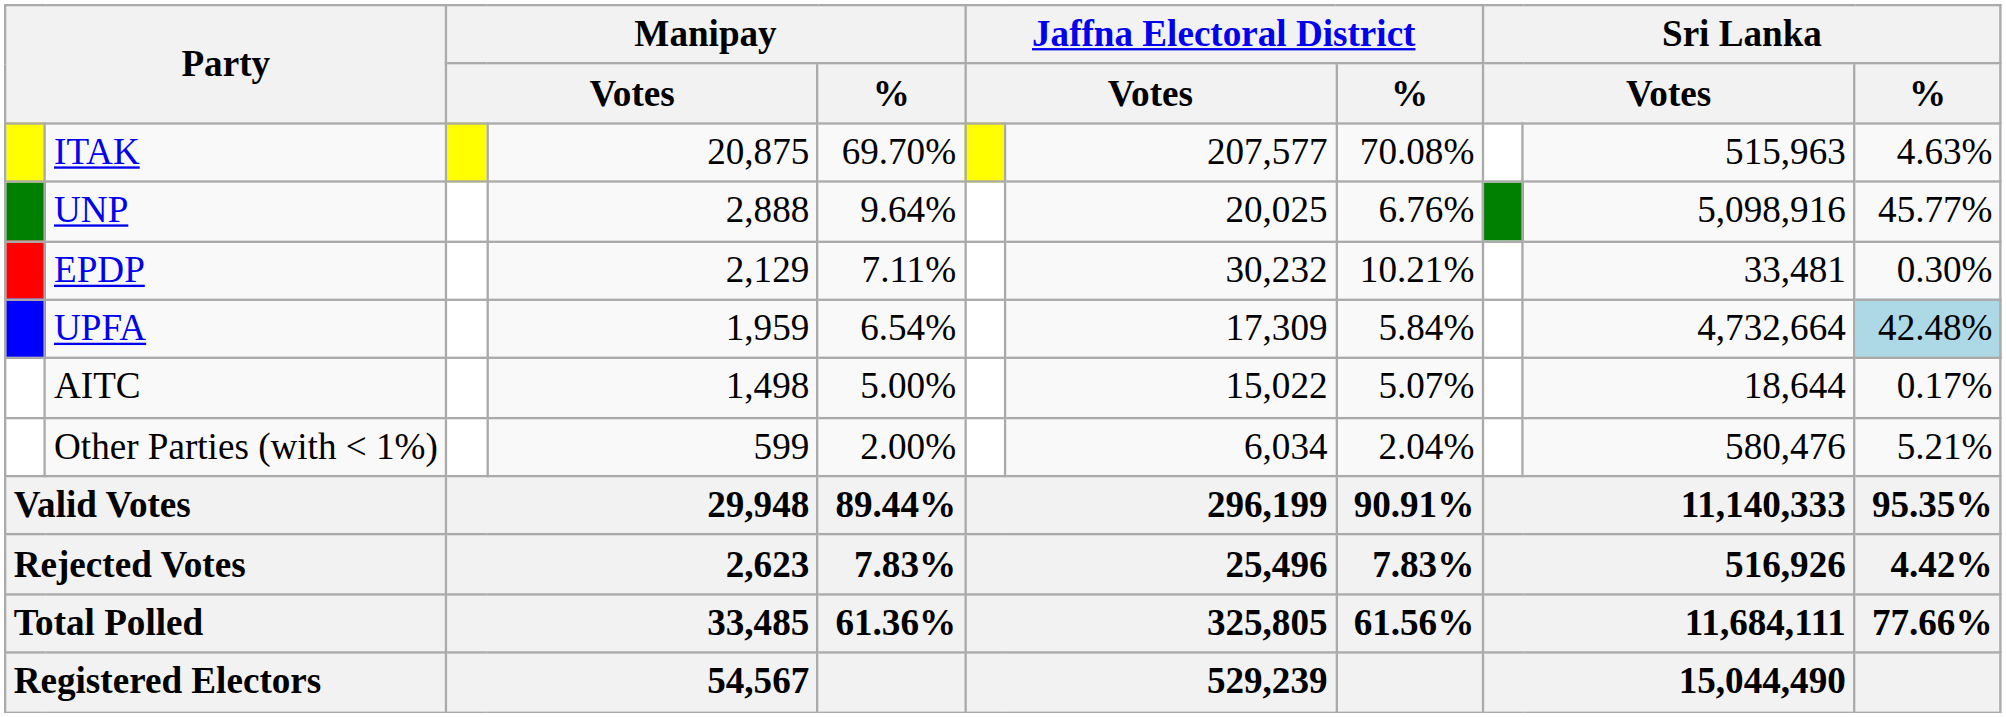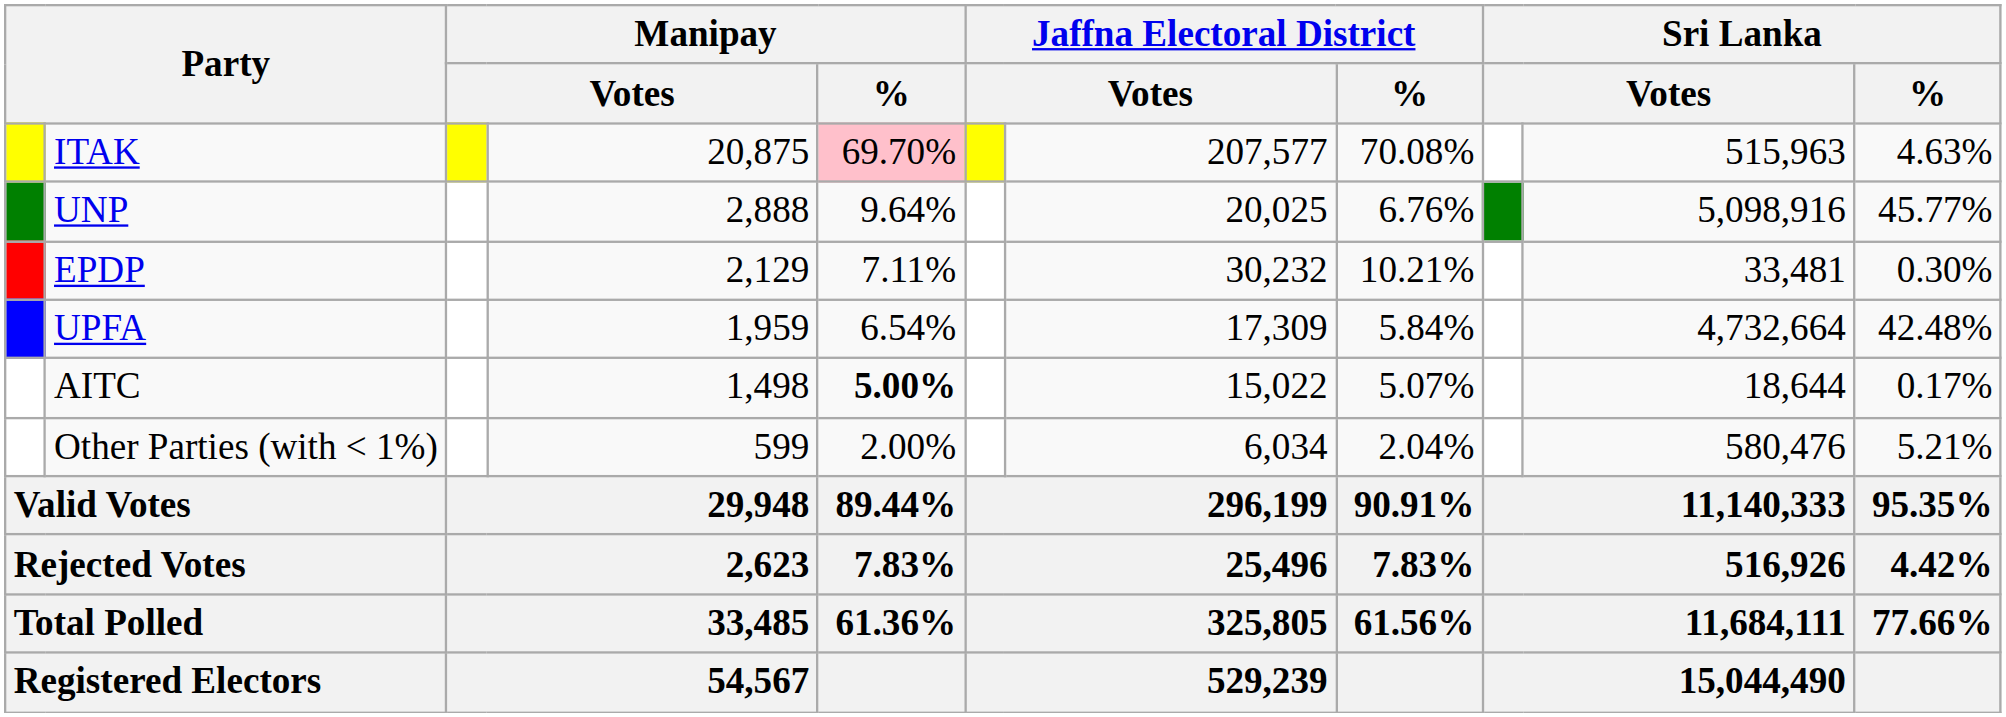 <table class="wikitable">
 <tr>
 <th colspan="2" width="144px"rowspan="2">Party</th>
 <th colspan="3" width="216px">Manipay</th>
 <th colspan="3" width="216px"><a href='#'>Jaffna Electoral District</a></th>
 <th colspan="3" width="216px">Sri Lanka</th>
 </tr>
 <tr>
 <th colspan="2" width="144px">Votes</th>
 <th>%</th>
 <th colspan="2" width="144px">Votes</th>
 <th>%</th>
 <th colspan="2" width="144px">Votes</th>
 <th>%</th>
 </tr>
 <tr>
 <td style="background-color:yellow;" width="10px"></td>
 <td style="text-align:left;"><a href='#'>ITAK</a></td>
 <td style="background-color:yellow;" width="10px"></td>
 <td style="text-align:right;">20,875</td>
-<td style="text-align:right;">69.70%</td>
+<td style="background: pink; text-align:right;">69.70%</td>
 <td style="background-color:yellow;" width="10px"></td>
 <td style="text-align:right;">207,577</td>
 <td style="text-align:right;">70.08%</td>
 <td style="background-color:white;" width="10px"></td>
 <td style="text-align:right;">515,963</td>
 <td style="text-align:right;">4.63%</td>
 </tr>
 <tr>
 <td style="background-color:green;" width="10px"></td>
 <td style="text-align:left;"><a href='#'>UNP</a></td>
 <td style="background-color:white;" width="10px"></td>
 <td style="text-align:right;">2,888</td>
 <td style="text-align:right;">9.64%</td>
 <td style="background-color:white;" width="10px"></td>
 <td style="text-align:right;">20,025</td>
 <td style="text-align:right;">6.76%</td>
 <td style="background-color:green;" width="10px"></td>
 <td style="text-align:right;">5,098,916</td>
 <td style="text-align:right;">45.77%</td>
 </tr>
 <tr>
 <td style="background-color:red;" width="10px"></td>
 <td style="text-align:left;"><a href='#'>EPDP</a></td>
 <td style="background-color:white;" width="10px"></td>
 <td style="text-align:right;">2,129</td>
 <td style="text-align:right;">7.11%</td>
 <td style="background-color:white;" width="10px"></td>
 <td style="text-align:right;">30,232</td>
 <td style="text-align:right;">10.21%</td>
 <td style="background-color:white;" width="10px"></td>
 <td style="text-align:right;">33,481</td>
 <td style="text-align:right;">0.30%</td>
 </tr>
 <tr>
 <td style="background-color:blue;" width="10px"></td>
 <td style="text-align:left;"><a href='#'>UPFA</a></td>
 <td style="background-color:white;" width="10px"></td>
 <td style="text-align:right;">1,959</td>
 <td style="text-align:right;">6.54%</td>
 <td style="background-color:white;" width="10px"></td>
 <td style="text-align:right;">17,309</td>
 <td style="text-align:right;">5.84%</td>
 <td style="background-color:white;" width="10px"></td>
 <td style="text-align:right;">4,732,664</td>
-<td style="background: lightblue; text-align:right;">42.48%</td>
+<td style="text-align:right;">42.48%</td>
 </tr>
 <tr>
 <td style="background-color:white;" width="10px"></td>
 <td style="text-align:left;">AITC</td>
 <td style="background-color:white;" width="10px"></td>
 <td style="text-align:right;">1,498</td>
-<td style="text-align:right;">5.00%</td>
+<td style="text-align:right;"><strong>5.00%</strong></td>
 <td style="background-color:white;" width="10px"></td>
 <td style="text-align:right;">15,022</td>
 <td style="text-align:right;">5.07%</td>
 <td style="background-color:white;" width="10px"></td>
 <td style="text-align:right;">18,644</td>
 <td style="text-align:right;">0.17%</td>
 </tr>
 <tr>
 <td style="background-color:white;" width="10px"></td>
 <td style="text-align:left;">Other Parties (with < 1%)</td>
 <td style="background-color:white;" width="10px"></td>
 <td style="text-align:right;">599</td>
 <td style="text-align:right;">2.00%</td>
 <td style="background-color:white;" width="10px"></td>
 <td style="text-align:right;">6,034</td>
 <td style="text-align:right;">2.04%</td>
 <td style="background-color:white;" width="10px"></td>
 <td style="text-align:right;">580,476</td>
 <td style="text-align:right;">5.21%</td>
 </tr>
 <tr>
 <th colspan="2" width="144px"style="text-align:left;">Valid Votes</th>
 <th style="text-align:right;"colspan="2" width="144px">29,948</th>
 <th style="text-align:right;">89.44%</th>
 <th style="text-align:right;"colspan="2" width="144px">296,199</th>
 <th style="text-align:right;">90.91%</th>
 <th style="text-align:right;"colspan="2" width="144px">11,140,333</th>
 <th style="text-align:right;">95.35%</th>
 </tr>
 <tr>
 <th colspan="2" width="144px"style="text-align:left;">Rejected Votes</th>
 <th style="text-align:right;"colspan="2" width="144px">2,623</th>
 <th style="text-align:right;">7.83%</th>
 <th style="text-align:right;"colspan="2" width="144px">25,496</th>
 <th style="text-align:right;">7.83%</th>
 <th style="text-align:right;"colspan="2" width="144px">516,926</th>
 <th style="text-align:right;">4.42%</th>
 </tr>
 <tr>
 <th colspan="2" width="144px"style="text-align:left;">Total Polled</th>
 <th style="text-align:right;"colspan="2" width="144px">33,485</th>
 <th style="text-align:right;">61.36%</th>
 <th style="text-align:right;"colspan="2" width="144px">325,805</th>
 <th style="text-align:right;">61.56%</th>
 <th style="text-align:right;"colspan="2" width="144px">11,684,111</th>
 <th style="text-align:right;">77.66%</th>
 </tr>
 <tr>
 <th colspan="2" width="144px"style="text-align:left;">Registered Electors</th>
 <th style="text-align:right;"colspan="2" width="144px">54,567</th>
 <th></th>
 <th style="text-align:right;"colspan="2" width="144px">529,239</th>
 <th></th>
 <th style="text-align:right;"colspan="2" width="144px">15,044,490</th>
 <th></th>
 </tr>
 </table>
